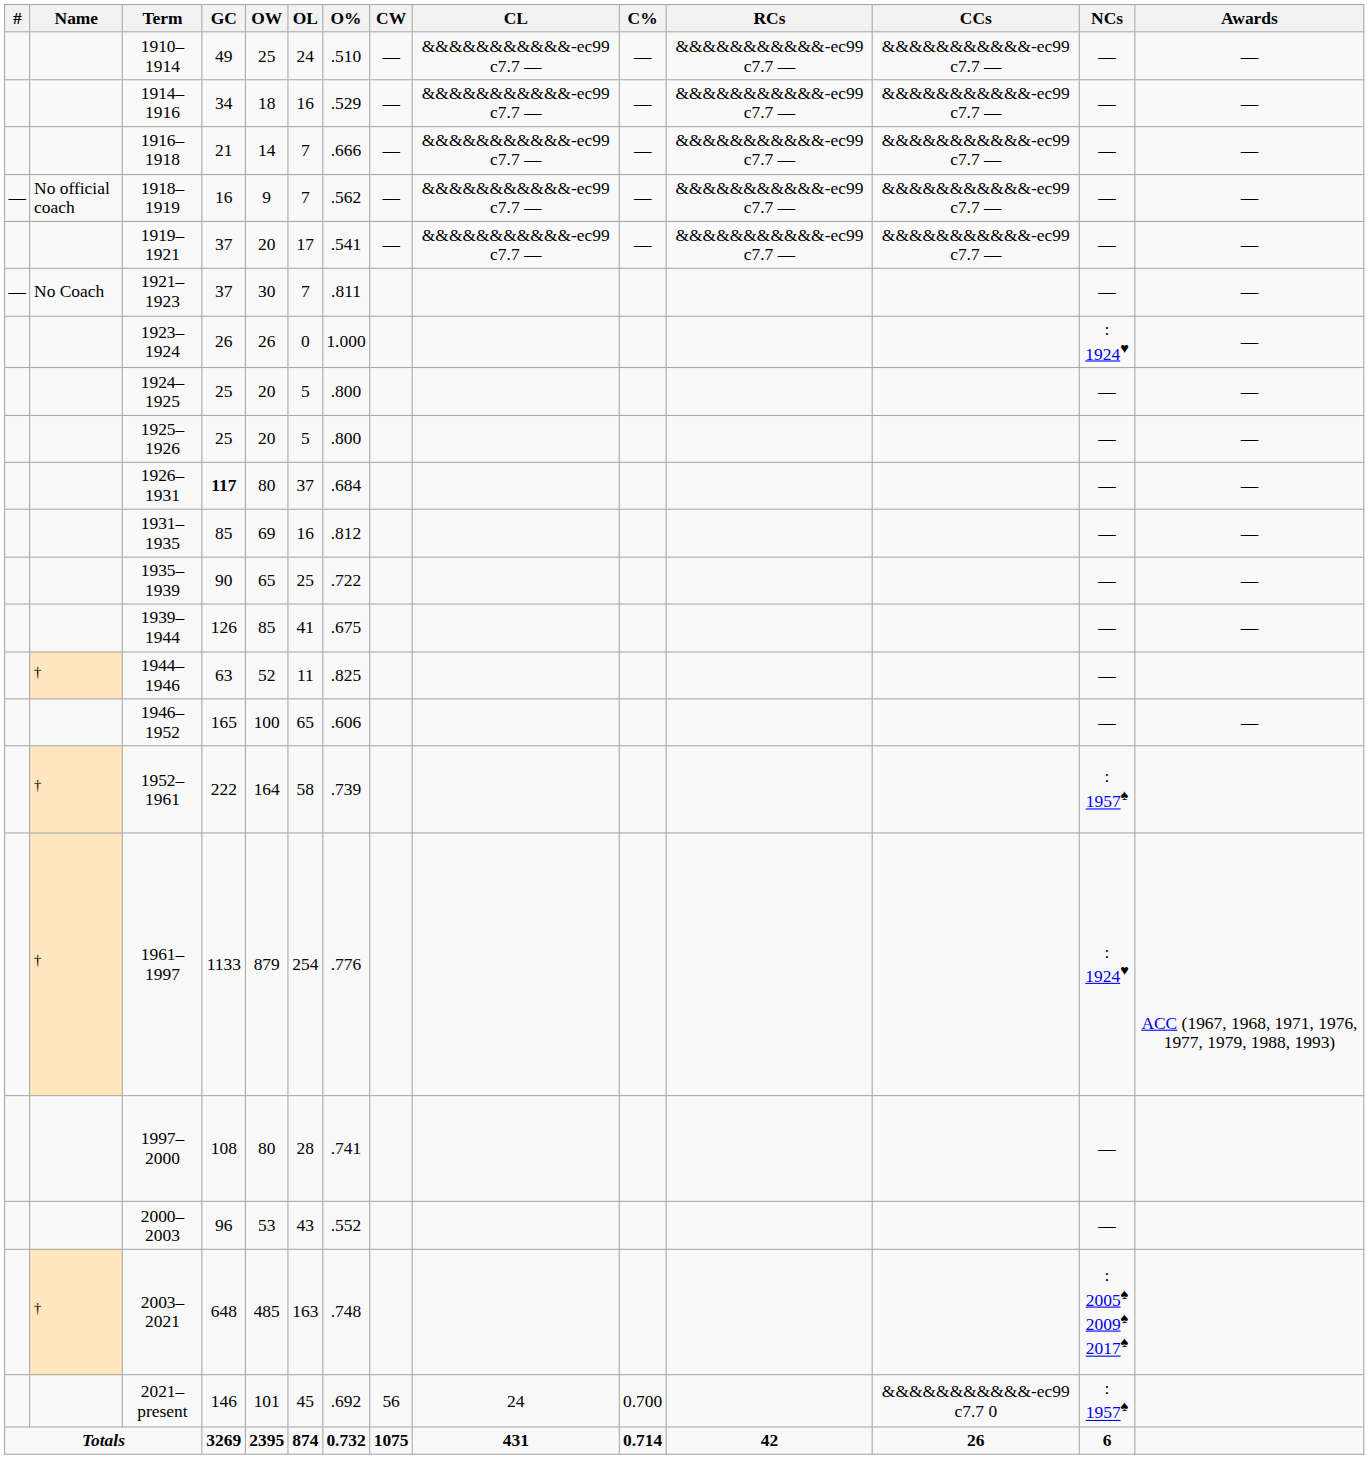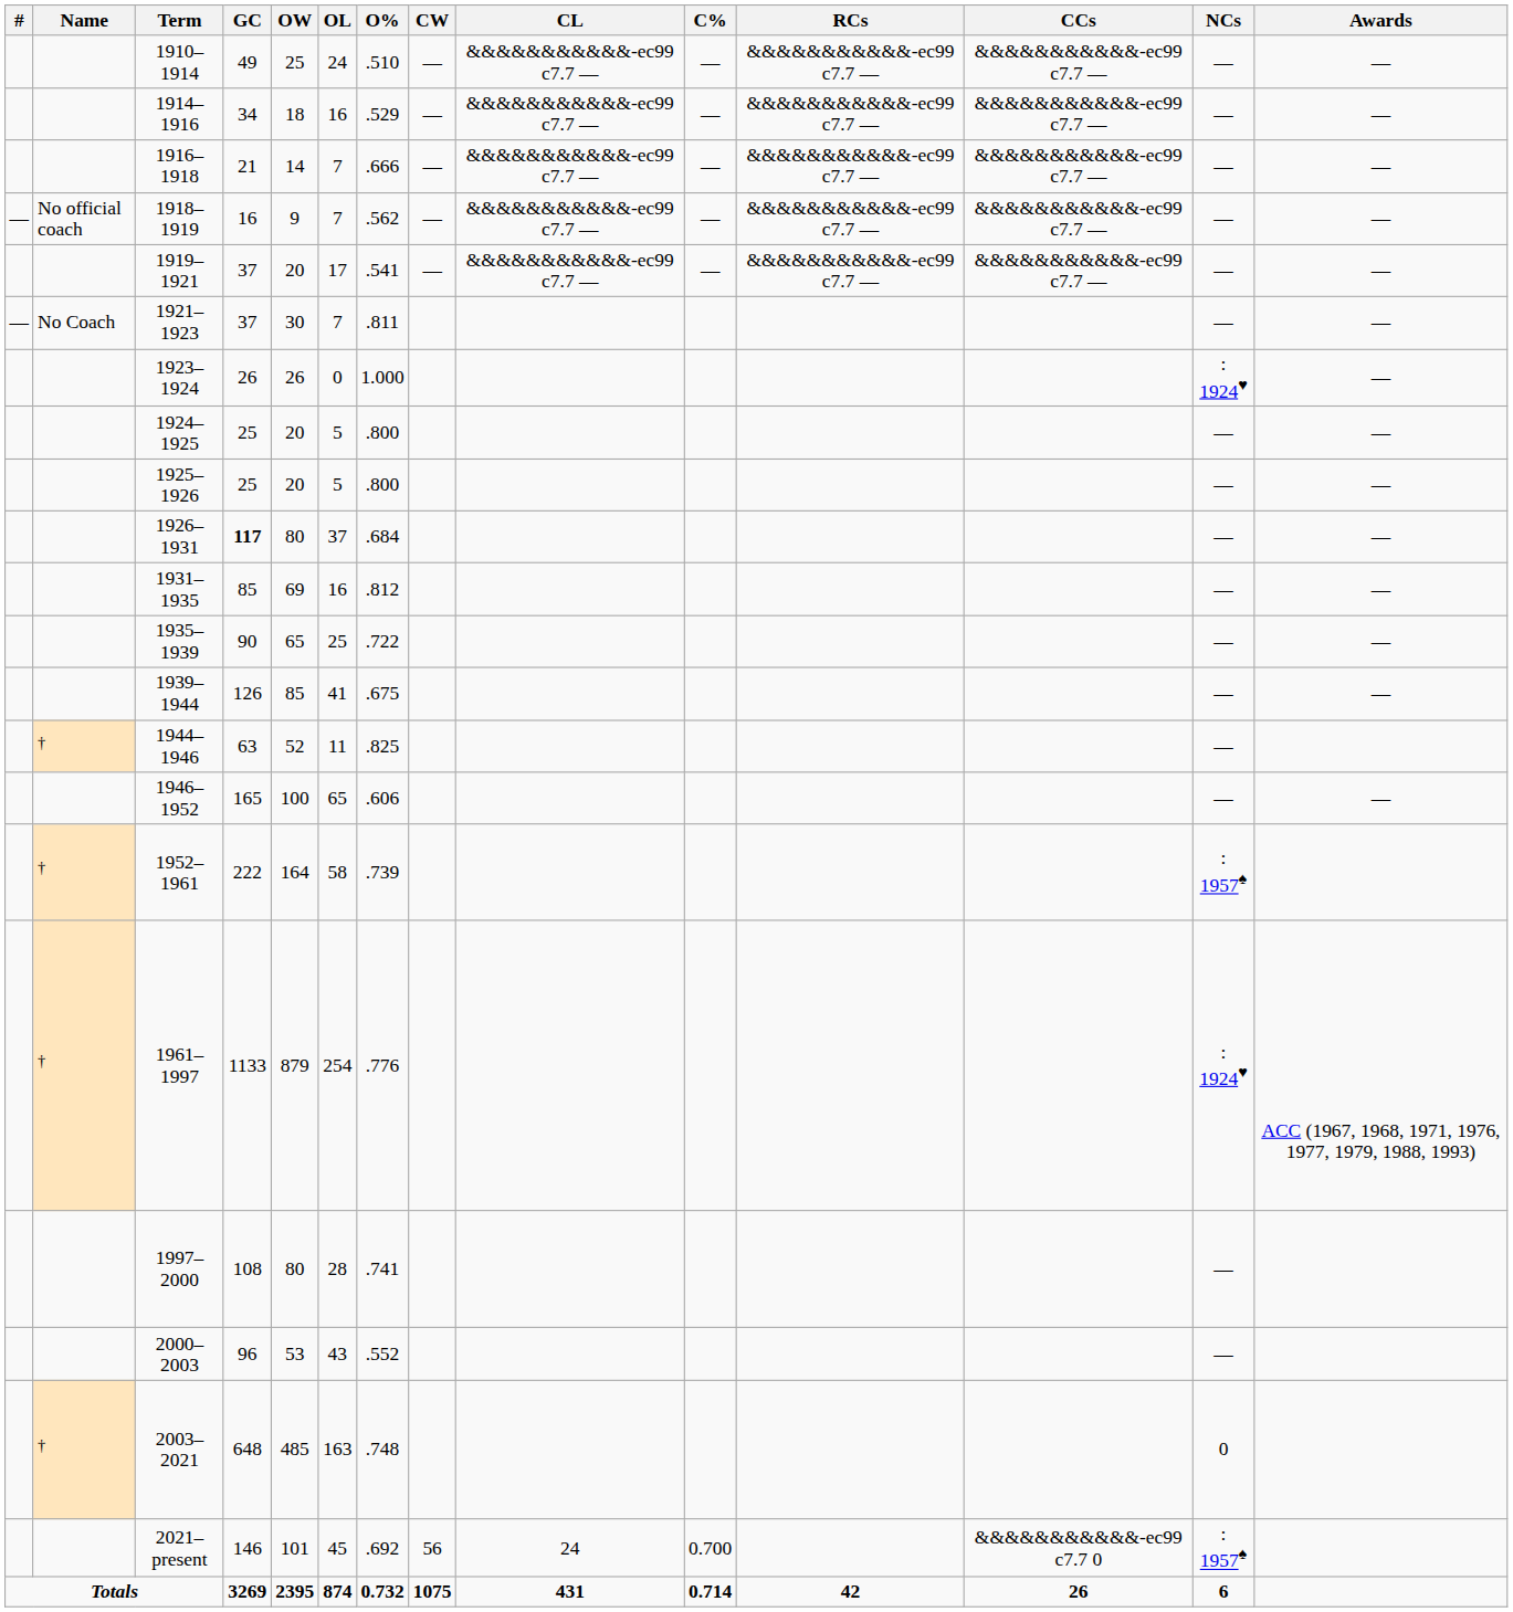 <table class="wikitable sortable">
 <tr>
 <th>#</th>
 <th>Name</th>
 <th>Term</th>
 <th>GC</th>
 <th>OW</th>
 <th>OL</th>
 <th>O%</th>
 <th>CW</th>
 <th>CL</th>
 <th>C%</th>
 <th>RCs</th>
 <th>CCs</th>
 <th>NCs</th>
 <th class="unsortable">Awards</th>
 </tr>
 <tr>
 <td align="center"></td>
 <td></td>
 <td align="center">1910–1914</td>
 <td align="center">49</td>
 <td align="center">25</td>
 <td align="center">24</td>
 <td align="center">.510</td>
 <td align="center">—</td>
 <td align="center"><span>&&&&&&&&&&&-ec99 c7.7 </span>—</td>
 <td align="center">—</td>
 <td align="center"><span>&&&&&&&&&&&-ec99 c7.7 </span>—</td>
 <td align="center"><span>&&&&&&&&&&&-ec99 c7.7 </span>—</td>
 <td align="center">—</td>
 <td align="center">—</td>
 </tr>
 <tr>
 <td align="center"></td>
 <td></td>
 <td align="center">1914–1916</td>
 <td align="center">34</td>
 <td align="center">18</td>
 <td align="center">16</td>
 <td align="center">.529</td>
 <td align="center">—</td>
 <td align="center"><span>&&&&&&&&&&&-ec99 c7.7 </span>—</td>
 <td align="center">—</td>
 <td align="center"><span>&&&&&&&&&&&-ec99 c7.7 </span>—</td>
 <td align="center"><span>&&&&&&&&&&&-ec99 c7.7 </span>—</td>
 <td align="center">—</td>
 <td align="center">—</td>
 </tr>
 <tr>
 <td align="center"></td>
 <td></td>
 <td align="center">1916–1918</td>
 <td align="center">21</td>
 <td align="center">14</td>
 <td align="center">7</td>
 <td align="center">.666</td>
 <td align="center">—</td>
 <td align="center"><span>&&&&&&&&&&&-ec99 c7.7 </span>—</td>
 <td align="center">—</td>
 <td align="center"><span>&&&&&&&&&&&-ec99 c7.7 </span>—</td>
 <td align="center"><span>&&&&&&&&&&&-ec99 c7.7 </span>—</td>
 <td align="center">—</td>
 <td align="center">—</td>
 </tr>
 <tr>
 <td align="center">—</td>
 <td>No official coach</td>
 <td align="center">1918–1919</td>
 <td align="center">16</td>
 <td align="center">9</td>
 <td align="center">7</td>
 <td align="center">.562</td>
 <td align="center">—</td>
 <td align="center"><span>&&&&&&&&&&&-ec99 c7.7 </span>—</td>
 <td align="center">—</td>
 <td align="center"><span>&&&&&&&&&&&-ec99 c7.7 </span>—</td>
 <td align="center"><span>&&&&&&&&&&&-ec99 c7.7 </span>—</td>
 <td align="center">—</td>
 <td align="center">—</td>
 </tr>
 <tr>
 <td align="center"></td>
 <td></td>
 <td align="center">1919–1921</td>
 <td align="center">37</td>
 <td align="center">20</td>
 <td align="center">17</td>
 <td align="center">.541</td>
 <td align="center">—</td>
 <td align="center"><span>&&&&&&&&&&&-ec99 c7.7 </span>—</td>
 <td align="center">—</td>
 <td align="center"><span>&&&&&&&&&&&-ec99 c7.7 </span>—</td>
 <td align="center"><span>&&&&&&&&&&&-ec99 c7.7 </span>—</td>
 <td align="center">—</td>
 <td align="center">—</td>
 </tr>
 <tr>
 <td align="center">—</td>
 <td>No Coach</td>
 <td align="center">1921–1923</td>
 <td align="center">37</td>
 <td align="center">30</td>
 <td align="center">7</td>
 <td align="center">.811</td>
 <td align="center"></td>
 <td align="center"></td>
 <td align="center"></td>
 <td align="center"></td>
 <td align="center"></td>
 <td align="center">—</td>
 <td align="center">—</td>
 </tr>
 <tr>
 <td align="center"></td>
 <td></td>
 <td align="center">1923–1924</td>
 <td align="center">26</td>
 <td align="center">26</td>
 <td align="center">0</td>
 <td align="center">1.000</td>
 <td align="center"></td>
 <td align="center"></td>
 <td align="center"></td>
 <td align="center"></td>
 <td align="center"></td>
 <td align="center">: <a href='#'>1924</a><sup>♥</sup></td>
 <td align="center">—</td>
 </tr>
 <tr>
 <td align="center"></td>
 <td></td>
 <td align="center">1924–1925</td>
 <td align="center">25</td>
 <td align="center">20</td>
 <td align="center">5</td>
 <td align="center">.800</td>
 <td align="center"></td>
 <td align="center"></td>
 <td align="center"></td>
 <td align="center"></td>
 <td align="center"></td>
 <td align="center">—</td>
 <td align="center">—</td>
 </tr>
 <tr>
 <td align="center"></td>
 <td></td>
 <td align="center">1925–1926</td>
 <td align="center">25</td>
 <td align="center">20</td>
 <td align="center">5</td>
 <td align="center">.800</td>
 <td align="center"></td>
 <td align="center"></td>
 <td align="center"></td>
 <td align="center"></td>
 <td align="center"></td>
 <td align="center">—</td>
 <td align="center">—</td>
 </tr>
 <tr>
 <td align="center"></td>
 <td></td>
 <td align="center">1926–1931</td>
 <td align="center"><strong>117</strong></td>
 <td align="center">80</td>
 <td align="center">37</td>
 <td align="center">.684</td>
 <td align="center"></td>
 <td align="center"></td>
 <td align="center"></td>
 <td align="center"></td>
 <td align="center"></td>
 <td align="center">—</td>
 <td align="center">—</td>
 </tr>
 <tr>
 <td align="center"></td>
 <td></td>
 <td align="center">1931–1935</td>
 <td align="center">85</td>
 <td align="center">69</td>
 <td align="center">16</td>
 <td align="center">.812</td>
 <td align="center"></td>
 <td align="center"></td>
 <td align="center"></td>
 <td align="center"></td>
 <td align="center"></td>
 <td align="center">—</td>
 <td align="center">—</td>
 </tr>
 <tr>
 <td align="center"></td>
 <td></td>
 <td align="center">1935–1939</td>
 <td align="center">90</td>
 <td align="center">65</td>
 <td align="center">25</td>
 <td align="center">.722</td>
 <td align="center"></td>
 <td align="center"></td>
 <td align="center"></td>
 <td align="center"></td>
 <td align="center"></td>
 <td align="center">—</td>
 <td align="center">—</td>
 </tr>
 <tr>
 <td align="center"></td>
 <td></td>
 <td align="center">1939–1944</td>
 <td align="center">126</td>
 <td align="center">85</td>
 <td align="center">41</td>
 <td align="center">.675</td>
 <td align="center"></td>
 <td align="center"></td>
 <td align="center"></td>
 <td align="center"></td>
 <td align="center"></td>
 <td align="center">—</td>
 <td align="center">—</td>
 </tr>
 <tr>
 <td align="center"></td>
 <td bgcolor="#FFE6BD"><sup>†</sup></td>
 <td align="center">1944–1946</td>
 <td align="center">63</td>
 <td align="center">52</td>
 <td align="center">11</td>
 <td align="center">.825</td>
 <td align="center"></td>
 <td align="center"></td>
 <td align="center"></td>
 <td align="center"></td>
 <td align="center"></td>
 <td align="center">—</td>
 <td align="center"><br><br> </td>
 </tr>
 <tr>
 <td align="center"></td>
 <td></td>
 <td align="center">1946–1952</td>
 <td align="center">165</td>
 <td align="center">100</td>
 <td align="center">65</td>
 <td align="center">.606</td>
 <td align="center"></td>
 <td align="center"></td>
 <td align="center"></td>
 <td align="center"></td>
 <td align="center"></td>
 <td align="center">—</td>
 <td align="center">—</td>
 </tr>
 <tr>
 <td align="center"></td>
 <td bgcolor="#FFE6BD"><sup>†</sup></td>
 <td align="center">1952–1961</td>
 <td align="center">222</td>
 <td align="center">164</td>
 <td align="center">58</td>
 <td align="center">.739</td>
 <td align="center"></td>
 <td align="center"></td>
 <td align="center"></td>
 <td align="center"></td>
 <td align="center"></td>
 <td align="center">: <a href='#'>1957</a><sup>♠</sup></td>
 <td align="center"><br><br> <br> <br> </td>
 </tr>
 <tr>
 <td align="center"></td>
 <td bgcolor="#FFE6BD"><sup>†</sup></td>
 <td align="center">1961–1997</td>
 <td align="center">1133</td>
 <td align="center">879</td>
 <td align="center">254</td>
 <td align="center">.776</td>
 <td align="center"></td>
 <td align="center"></td>
 <td align="center"></td>
 <td align="center"></td>
 <td align="center"></td>
 <td align="center">: <a href='#'>1924</a><sup>♥</sup></td>
 <td align="center"><br><br> <br> <br> <br> <br> <br> <br> <br> <a href='#'>ACC</a> (1967, 1968, 1971, 1976, 1977, 1979, 1988, 1993)<br> <br> <br></td>
 </tr>
 <tr>
 <td align="center"></td>
 <td></td>
 <td align="center">1997–2000</td>
 <td align="center">108</td>
 <td align="center">80</td>
 <td align="center">28</td>
 <td align="center">.741</td>
 <td align="center"></td>
 <td align="center"></td>
 <td align="center"></td>
 <td align="center"></td>
 <td align="center"></td>
 <td align="center">—</td>
 <td align="center"><br><br> <br> <br> <br> </td>
 </tr>
 <tr>
 <td align="center"></td>
 <td></td>
 <td align="center">2000–2003</td>
 <td align="center">96</td>
 <td align="center">53</td>
 <td align="center">43</td>
 <td align="center">.552</td>
 <td align="center"></td>
 <td align="center"></td>
 <td align="center"></td>
 <td align="center"></td>
 <td align="center"></td>
 <td align="center">—</td>
 <td align="center"><br></td>
 </tr>
 <tr>
 <td align="center"></td>
 <td bgcolor="#FFE6BD"><sup>†</sup></td>
 <td align="center">2003–2021</td>
 <td align="center">648</td>
 <td align="center">485</td>
 <td align="center">163</td>
 <td align="center">.748</td>
 <td align="center"></td>
 <td align="center"></td>
 <td align="center"></td>
 <td align="center"></td>
 <td align="center"></td>
-<td align="center">: <a href='#'>2005</a><sup>♠</sup><br><a href='#'>2009</a><sup>♠</sup><br><a href='#'>2017</a><sup>♠</sup></td>
+<td align="center">0</td>
 <td align="center"><br><br> <br> <br> <br> <br> </td>
 </tr>
 <tr>
 <td align="center"></td>
 <td></td>
 <td align="center">2021–present</td>
 <td align="center">146</td>
 <td align="center">101</td>
 <td align="center">45</td>
 <td align="center">.692</td>
 <td align="center">56</td>
 <td align="center">24</td>
 <td align="center">0.700</td>
 <td align="center"></td>
 <td align="center"><span>&&&&&&&&&&&-ec99 c7.7 </span>0</td>
 <td align="center">: <a href='#'>1957</a><sup>♠</sup></td>
 <td align="center"></td>
 </tr>
 <tr class="sortbottom" style="text-align:center">
 <td colspan="3"><strong><em>Totals</em></strong></td>
 <td><strong>3269</strong></td>
 <td><strong>2395</strong></td>
 <td><strong>874</strong></td>
 <td><strong>0.732</strong></td>
 <td><strong>1075</strong></td>
 <td><strong>431</strong></td>
 <td><strong>0.714</strong></td>
 <td><strong>42</strong></td>
 <td><strong>26</strong></td>
 <td><strong>6</strong></td>
 <td></td>
 </tr>
 </table>
